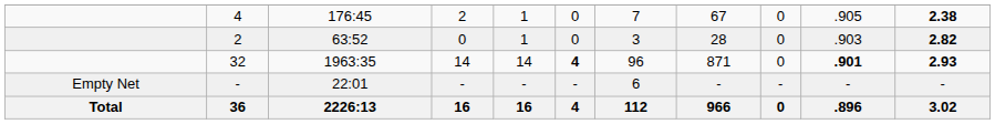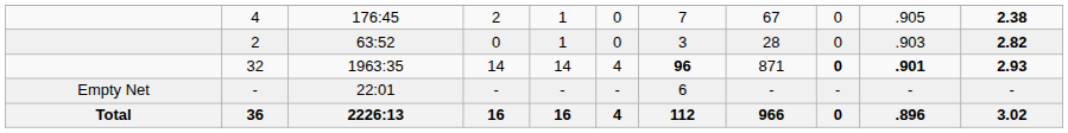 <table class="wikitable sortable" width ="1100">
 <tr align="center">
 </tr>
 <tr align="center">
 <td></td>
 <td>4</td>
 <td>176:45</td>
 <td>2</td>
 <td>1</td>
 <td>0</td>
 <td>7</td>
 <td>67</td>
 <td>0</td>
 <td>.905</td>
 <td><strong>2.38</strong></td>
 </tr>
 <tr align="center" bgcolor="f0f0f0">
 <td></td>
 <td>2</td>
 <td>63:52</td>
 <td>0</td>
 <td>1</td>
 <td>0</td>
 <td>3</td>
 <td>28</td>
 <td>0</td>
 <td>.903</td>
 <td><strong>2.82</strong></td>
 </tr>
 <tr align="center" bgcolor="">
 <td></td>
 <td>32</td>
 <td>1963:35</td>
 <td>14</td>
 <td>14</td>
-<td><strong>4</strong></td>
-<td>96</td>
+<td>4</td>
+<td><strong>96</strong></td>
 <td>871</td>
-<td>0</td>
+<td><strong>0</strong></td>
 <td><strong>.901</strong></td>
 <td><strong>2.93</strong></td>
 </tr>
 <tr align="center" bgcolor="f0f0f0">
 <td>Empty Net</td>
 <td>-</td>
 <td>22:01</td>
 <td>-</td>
 <td>-</td>
 <td>-</td>
 <td>6</td>
 <td>-</td>
 <td>-</td>
 <td>-</td>
 <td>-</td>
 </tr>
 <tr>
 <th>Total</th>
 <th>36</th>
 <th>2226:13</th>
 <th>16</th>
 <th>16</th>
 <th>4</th>
 <th>112</th>
 <th>966</th>
 <th>0</th>
 <th>.896</th>
 <th>3.02</th>
 </tr>
 </table>
